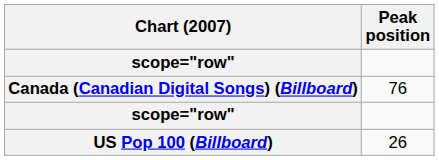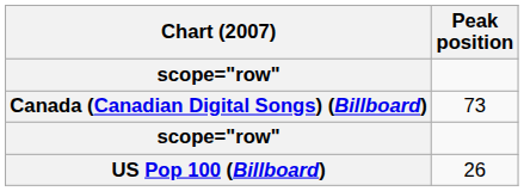 <table class="wikitable sortable plainrowheaders">
 <tr>
 <th>Chart (2007)</th>
 <th scope="col">Peak<br>position</th>
 </tr>
 <tr>
 <th>scope="row" </th>
 </tr>
 <tr>
 <th scope="row">Canada (<a href='#'>Canadian Digital Songs</a>) (<em><a href='#'>Billboard</a></em>)</th>
-<td align="center">76</td>
+<td align="center">73</td>
 </tr>
 <tr>
 <th>scope="row" </th>
 </tr>
 <tr>
 <th scope="row">US <a href='#'>Pop 100</a> (<em><a href='#'>Billboard</a></em>)</th>
 <td align="center">26</td>
 </tr>
 </table>
